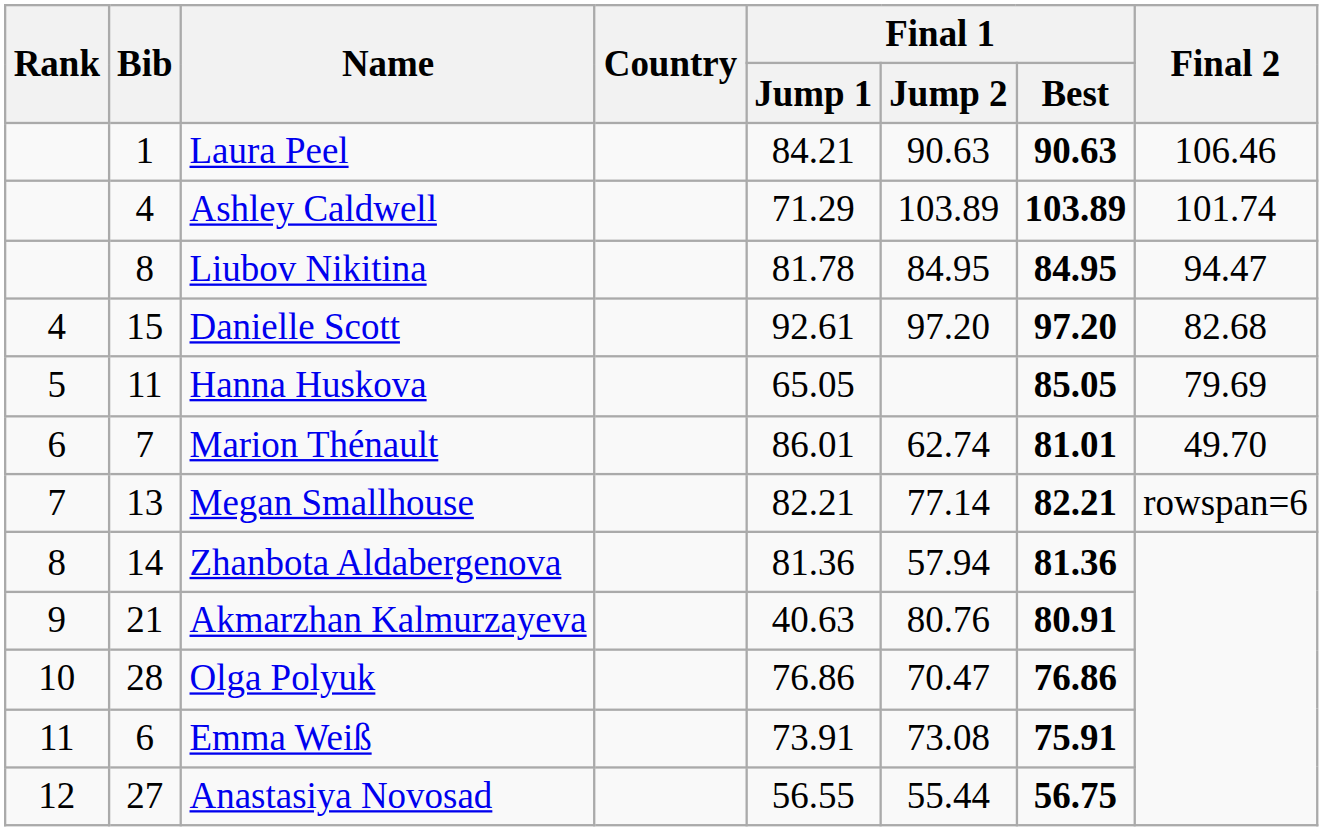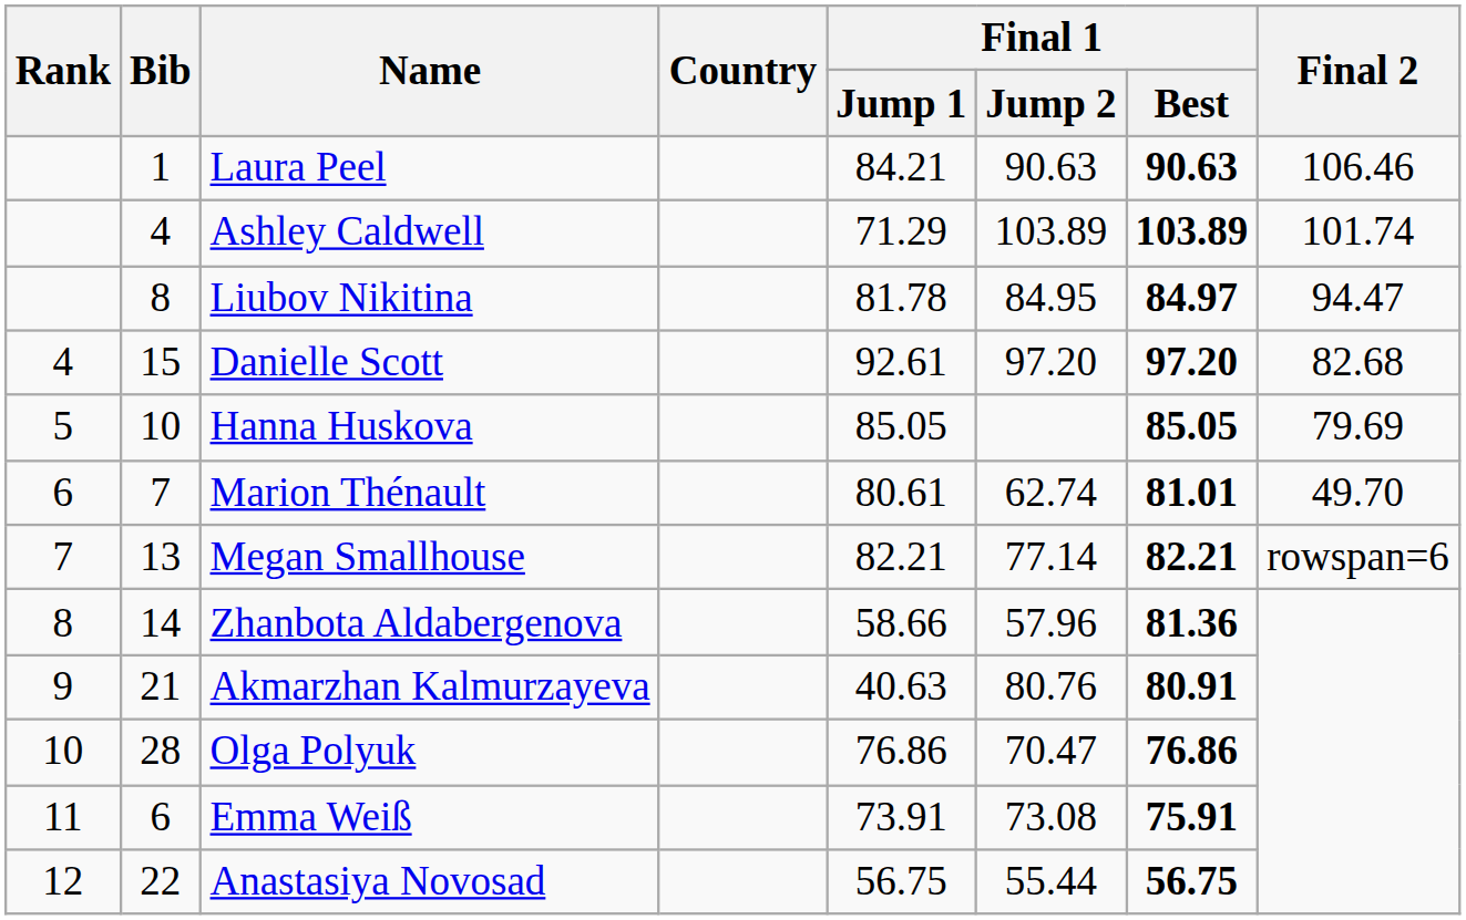 <table class="wikitable sortable" style="text-align:center">
 <tr>
 <th rowspan=2>Rank</th>
 <th rowspan=2>Bib</th>
 <th rowspan=2>Name</th>
 <th rowspan=2>Country</th>
 <th class=unsortable colspan=3>Final 1</th>
 <th rowspan=2>Final 2</th>
 </tr>
 <tr>
 <th>Jump 1</th>
 <th>Jump 2</th>
 <th>Best</th>
 </tr>
 <tr>
 <td></td>
 <td>1</td>
 <td align=left><a href='#'>Laura Peel</a></td>
 <td align=left></td>
 <td>84.21</td>
 <td>90.63</td>
 <td><strong>90.63</strong></td>
 <td>106.46</td>
 </tr>
 <tr>
 <td></td>
 <td>4</td>
 <td align=left><a href='#'>Ashley Caldwell</a></td>
 <td align=left></td>
 <td>71.29</td>
 <td>103.89</td>
 <td><strong>103.89</strong></td>
 <td>101.74</td>
 </tr>
 <tr>
 <td></td>
 <td>8</td>
 <td align=left><a href='#'>Liubov Nikitina</a></td>
 <td align=left></td>
 <td>81.78</td>
 <td>84.95</td>
-<td><strong>84.95</strong></td>
+<td><strong>84.97</strong></td>
 <td>94.47</td>
 </tr>
 <tr>
 <td>4</td>
 <td>15</td>
 <td align=left><a href='#'>Danielle Scott</a></td>
 <td align=left></td>
 <td>92.61</td>
 <td>97.20</td>
 <td><strong>97.20</strong></td>
 <td>82.68</td>
 </tr>
 <tr>
 <td>5</td>
-<td>11</td>
+<td>10</td>
 <td align=left><a href='#'>Hanna Huskova</a></td>
 <td align=left></td>
-<td>65.05</td>
+<td>85.05</td>
 <td></td>
 <td><strong>85.05</strong></td>
 <td>79.69</td>
 </tr>
 <tr>
 <td>6</td>
 <td>7</td>
 <td align=left><a href='#'>Marion Thénault</a></td>
 <td align=left></td>
-<td>86.01</td>
+<td>80.61</td>
 <td>62.74</td>
 <td><strong>81.01</strong></td>
 <td>49.70</td>
 </tr>
 <tr>
 <td>7</td>
 <td>13</td>
 <td align=left><a href='#'>Megan Smallhouse</a></td>
 <td align=left></td>
 <td>82.21</td>
 <td>77.14</td>
 <td><strong>82.21</strong></td>
 <td>rowspan=6 </td>
 </tr>
 <tr>
 <td>8</td>
 <td>14</td>
 <td align=left><a href='#'>Zhanbota Aldabergenova</a></td>
 <td align=left></td>
-<td>81.36</td>
-<td>57.94</td>
+<td>58.66</td>
+<td>57.96</td>
 <td><strong>81.36</strong></td>
 </tr>
 <tr>
 <td>9</td>
 <td>21</td>
 <td align=left><a href='#'>Akmarzhan Kalmurzayeva</a></td>
 <td align=left></td>
 <td>40.63</td>
 <td>80.76</td>
 <td><strong>80.91</strong></td>
 </tr>
 <tr>
 <td>10</td>
 <td>28</td>
 <td align=left><a href='#'>Olga Polyuk</a></td>
 <td align=left></td>
 <td>76.86</td>
 <td>70.47</td>
 <td><strong>76.86</strong></td>
 </tr>
 <tr>
 <td>11</td>
 <td>6</td>
 <td align=left><a href='#'>Emma Weiß</a></td>
 <td align=left></td>
 <td>73.91</td>
 <td>73.08</td>
 <td><strong>75.91</strong></td>
 </tr>
 <tr>
 <td>12</td>
-<td>27</td>
+<td>22</td>
 <td align=left><a href='#'>Anastasiya Novosad</a></td>
 <td align=left></td>
-<td>56.55</td>
+<td>56.75</td>
 <td>55.44</td>
 <td><strong>56.75</strong></td>
 </tr>
 </table>
